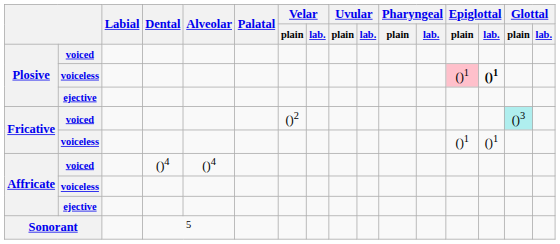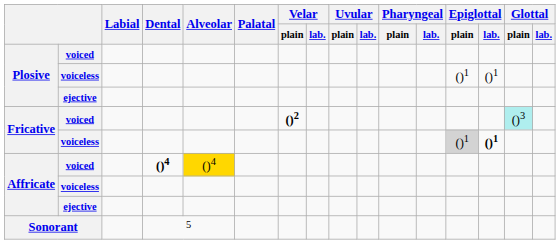 <table class="wikitable" style="text-align:center">
 <tr>
 <th colspan="2" rowspan="2"></th>
 <th rowspan="2"><a href='#'>Labial</a></th>
 <th rowspan="2"><a href='#'>Dental</a></th>
 <th rowspan="2"><a href='#'>Alveolar</a></th>
 <th rowspan="2"><a href='#'>Palatal</a></th>
 <th colspan="2"><a href='#'>Velar</a></th>
 <th colspan="2"><a href='#'>Uvular</a></th>
 <th colspan="2"><a href='#'>Pharyngeal</a></th>
 <th colspan="2"><a href='#'>Epiglottal</a></th>
 <th colspan="2"><a href='#'>Glottal</a></th>
 </tr>
 <tr class="small" style="text-align:center">
 <th><small> plain</small></th>
 <th><small><a href='#'>lab.</a></small></th>
 <th><small> plain</small></th>
 <th><small><a href='#'>lab.</a></small></th>
 <th><small> plain</small></th>
 <th><small><a href='#'>lab.</a></small></th>
 <th><small> plain</small></th>
 <th><small><a href='#'>lab.</a></small></th>
 <th><small> plain</small></th>
 <th><small><a href='#'>lab.</a></small></th>
 </tr>
 <tr style="text-align:center">
 <th rowspan="3"><a href='#'>Plosive</a></th>
 <th><small> <a href='#'>voiced</a></small></th>
 <td><span></span></td>
 <td></td>
 <td></td>
 <td></td>
 <td></td>
 <td></td>
 <td></td>
 <td></td>
 <td></td>
 <td></td>
 <td></td>
 <td></td>
 <td></td>
 <td></td>
 </tr>
 <tr style="text-align:center">
 <th><small> <a href='#'>voiceless</a></small></th>
 <td></td>
 <td></td>
 <td></td>
 <td></td>
 <td></td>
 <td></td>
 <td></td>
 <td></td>
 <td></td>
 <td></td>
-<td style="background: pink;">(<span></span>)<sup>1</sup></td>
-<td><strong>(<span></span>)<sup>1</sup></strong></td>
+<td>(<span></span>)<sup>1</sup></td>
+<td>(<span></span>)<sup>1</sup></td>
 <td></td>
 <td></td>
 </tr>
 <tr style="text-align:center">
 <th><small><a href='#'>ejective</a></small></th>
 <td></td>
 <td></td>
 <td></td>
 <td></td>
 <td></td>
 <td></td>
 <td></td>
 <td></td>
 <td></td>
 <td></td>
 <td></td>
 <td></td>
 <td></td>
 <td></td>
 </tr>
 <tr style="text-align:center">
 <th rowspan="2"><a href='#'>Fricative</a></th>
 <th><small> <a href='#'>voiced</a></small></th>
 <td></td>
 <td></td>
 <td></td>
 <td></td>
-<td>()<sup>2</sup></td>
+<td><strong>()<sup>2</sup></strong></td>
 <td></td>
 <td></td>
 <td></td>
 <td></td>
 <td></td>
 <td></td>
 <td></td>
 <td style="background: paleturquoise;">(<span></span>)<sup>3</sup></td>
 <td></td>
 </tr>
 <tr>
 <th><small> <a href='#'>voiceless</a></small></th>
 <td></td>
 <td></td>
 <td></td>
 <td></td>
 <td></td>
 <td></td>
 <td><span></span></td>
 <td><span></span></td>
 <td></td>
 <td></td>
-<td>(<span></span>)<sup>1</sup></td>
-<td>(<span></span>)<sup>1</sup></td>
+<td style="background: lightgrey;">(<span></span>)<sup>1</sup></td>
+<td><strong>(<span></span>)<sup>1</sup></strong></td>
 <td></td>
 <td></td>
 </tr>
 <tr>
 <th rowspan="3"><a href='#'>Affricate</a></th>
 <th><small> <a href='#'>voiced</a></small></th>
 <td></td>
-<td>(<span></span>)<sup>4</sup></td>
-<td>(<span></span>)<sup>4</sup></td>
+<td><strong>(<span></span>)<sup>4</sup></strong></td>
+<td style="background: gold;">(<span></span>)<sup>4</sup></td>
 <td></td>
 <td></td>
 <td></td>
 <td></td>
 <td></td>
 <td></td>
 <td></td>
 <td></td>
 <td></td>
 <td></td>
 <td></td>
 </tr>
 <tr>
 <th><small> <a href='#'>voiceless</a></small></th>
 <td></td>
 <td></td>
 <td></td>
 <td></td>
 <td></td>
 <td></td>
 <td></td>
 <td></td>
 <td></td>
 <td></td>
 <td></td>
 <td></td>
 <td></td>
 <td></td>
 </tr>
 <tr>
 <th><small><a href='#'>ejective</a></small></th>
 <td></td>
 <td></td>
 <td></td>
 <td></td>
 <td></td>
 <td></td>
 <td></td>
 <td></td>
 <td></td>
 <td></td>
 <td></td>
 <td></td>
 <td></td>
 <td></td>
 </tr>
 <tr style="text-align:center">
 <th colspan="2"><a href='#'>Sonorant</a></th>
 <td> <span></span></td>
 <td colspan="2">  <sup>5</sup></td>
 <td></td>
 <td></td>
 <td></td>
 <td></td>
 <td></td>
 <td></td>
 <td></td>
 <td></td>
 <td></td>
 <td></td>
 <td></td>
 </tr>
 </table>
